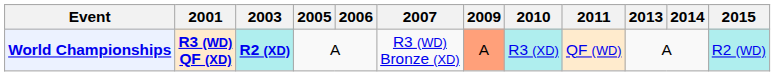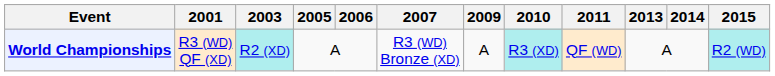 <table class="wikitable" style="font-size: 90%; text-align:center">
 <tr>
 <th>Event</th>
 <th>2001</th>
 <th>2003</th>
 <th>2005</th>
 <th>2006</th>
 <th>2007</th>
 <th>2009</th>
 <th>2010</th>
 <th>2011</th>
 <th>2013</th>
 <th>2014</th>
 <th>2015</th>
 </tr>
 <tr>
 <td bgcolor="#ECF2FF"; align="left"><strong><a href='#'>World Championships</a></strong></td>
-<td bgcolor=FFEBCD><strong><a href='#'>R3 <small>(WD)</small></a><br> <a href='#'>QF <small>(XD)</small></a></strong></td>
-<td bgcolor=AFEEEE><strong><a href='#'>R2 <small>(XD)</small></a></strong></td>
+<td bgcolor=FFEBCD><a href='#'>R3 <small>(WD)</small></a><br> <a href='#'>QF <small>(XD)</small></a></td>
+<td bgcolor=AFEEEE><a href='#'>R2 <small>(XD)</small></a></td>
 <td colspan="2">A</td>
 <td><a href='#'>R3 <small>(WD)</small></a><br>  <a href='#'>Bronze <small>(XD)</small></a></td>
-<td style="background: lightsalmon;">A</td>
+<td>A</td>
 <td bgcolor=AFEEEE><a href='#'>R3 <small>(XD)</small></a></td>
 <td bgcolor=FFEBCD><a href='#'>QF <small>(WD)</small></a></td>
 <td colspan="2">A</td>
 <td bgcolor=AFEEEE><a href='#'>R2 <small>(WD)</small></a></td>
 </tr>
 </table>
